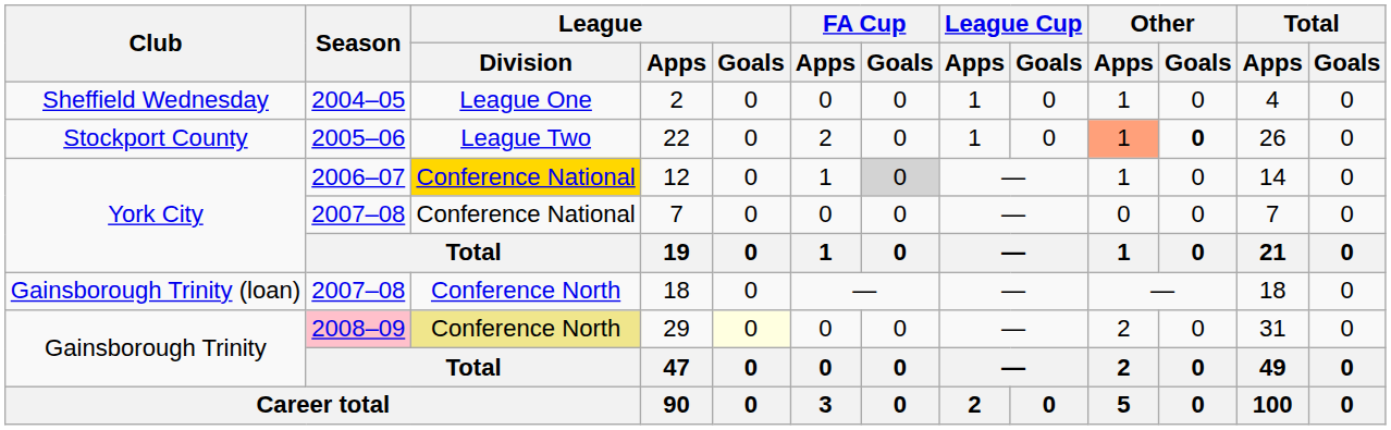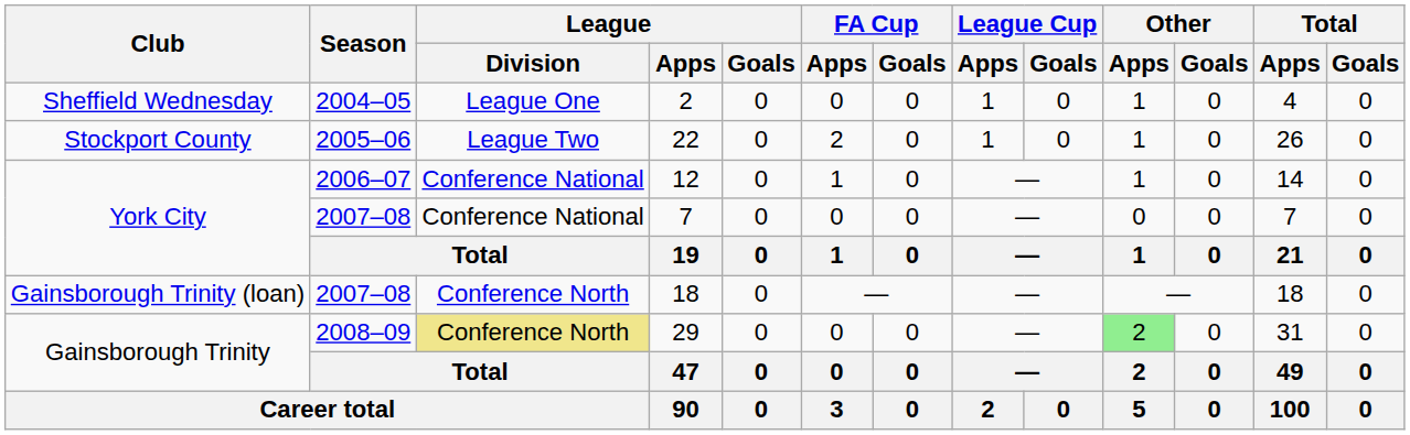 <table class="wikitable" style="text-align:center;">
 <tr>
 <th rowspan="2">Club</th>
 <th rowspan="2">Season</th>
 <th colspan="3">League</th>
 <th colspan="2"><a href='#'>FA Cup</a></th>
 <th colspan="2"><a href='#'>League Cup</a></th>
 <th colspan="2">Other</th>
 <th colspan="2">Total</th>
 </tr>
 <tr>
 <th>Division</th>
 <th>Apps</th>
 <th>Goals</th>
 <th>Apps</th>
 <th>Goals</th>
 <th>Apps</th>
 <th>Goals</th>
 <th>Apps</th>
 <th>Goals</th>
 <th>Apps</th>
 <th>Goals</th>
 </tr>
 <tr>
 <td><a href='#'>Sheffield Wednesday</a></td>
 <td><a href='#'>2004–05</a></td>
 <td><a href='#'>League One</a></td>
 <td>2</td>
 <td>0</td>
 <td>0</td>
 <td>0</td>
 <td>1</td>
 <td>0</td>
 <td>1</td>
 <td>0</td>
 <td>4</td>
 <td>0</td>
 </tr>
 <tr>
 <td><a href='#'>Stockport County</a></td>
 <td><a href='#'>2005–06</a></td>
 <td><a href='#'>League Two</a></td>
 <td>22</td>
 <td>0</td>
 <td>2</td>
 <td>0</td>
 <td>1</td>
 <td>0</td>
-<td style="background: lightsalmon;">1</td>
-<td><strong>0</strong></td>
+<td>1</td>
+<td>0</td>
 <td>26</td>
 <td>0</td>
 </tr>
 <tr>
 <td rowspan="3"><a href='#'>York City</a></td>
 <td><a href='#'>2006–07</a></td>
-<td style="background: gold;"><a href='#'>Conference National</a></td>
+<td><a href='#'>Conference National</a></td>
 <td>12</td>
 <td>0</td>
 <td>1</td>
-<td style="background: lightgrey;">0</td>
+<td>0</td>
 <td colspan="2">—</td>
 <td>1</td>
 <td>0</td>
 <td>14</td>
 <td>0</td>
 </tr>
 <tr>
 <td><a href='#'>2007–08</a></td>
 <td>Conference National</td>
 <td>7</td>
 <td>0</td>
 <td>0</td>
 <td>0</td>
 <td colspan="2">—</td>
 <td>0</td>
 <td>0</td>
 <td>7</td>
 <td>0</td>
 </tr>
 <tr>
 <th colspan=2>Total</th>
 <th>19</th>
 <th>0</th>
 <th>1</th>
 <th>0</th>
 <th colspan="2">—</th>
 <th>1</th>
 <th>0</th>
 <th>21</th>
 <th>0</th>
 </tr>
 <tr>
 <td><a href='#'>Gainsborough Trinity</a> (loan)</td>
 <td><a href='#'>2007–08</a></td>
 <td><a href='#'>Conference North</a></td>
 <td>18</td>
 <td>0</td>
 <td colspan="2">—</td>
 <td colspan="2">—</td>
 <td colspan="2">—</td>
 <td>18</td>
 <td>0</td>
 </tr>
 <tr>
 <td rowspan="2">Gainsborough Trinity</td>
-<td style="background: pink;"><a href='#'>2008–09</a></td>
+<td><a href='#'>2008–09</a></td>
 <td style="background: khaki;">Conference North</td>
 <td>29</td>
-<td style="background: lightyellow;">0</td>
+<td>0</td>
 <td>0</td>
 <td>0</td>
 <td colspan="2">—</td>
-<td>2</td>
+<td style="background: lightgreen;">2</td>
 <td>0</td>
 <td>31</td>
 <td>0</td>
 </tr>
 <tr>
 <th colspan=2>Total</th>
 <th>47</th>
 <th>0</th>
 <th>0</th>
 <th>0</th>
 <th colspan="2">—</th>
 <th>2</th>
 <th>0</th>
 <th>49</th>
 <th>0</th>
 </tr>
 <tr>
 <th colspan="3">Career total</th>
 <th>90</th>
 <th>0</th>
 <th>3</th>
 <th>0</th>
 <th>2</th>
 <th>0</th>
 <th>5</th>
 <th>0</th>
 <th>100</th>
 <th>0</th>
 </tr>
 </table>
